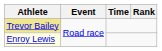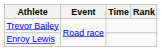 <table class=wikitable style="font-size:90%;">
 <tr>
 <th>Athlete</th>
 <th>Event</th>
 <th>Time</th>
 <th>Rank</th>
 </tr>
 <tr align=center>
-<td align=left style="background: khaki;"><a href='#'>Trevor Bailey</a></td>
+<td align=left><a href='#'>Trevor Bailey</a></td>
 <td align=left rowspan=2><a href='#'>Road race</a></td>
 <td colspan=2></td>
 </tr>
 <tr align=center>
-<td align=left style="background: lightyellow;"><a href='#'>Enroy Lewis</a></td>
+<td align=left><a href='#'>Enroy Lewis</a></td>
 <td colspan=2></td>
 </tr>
 </table>
